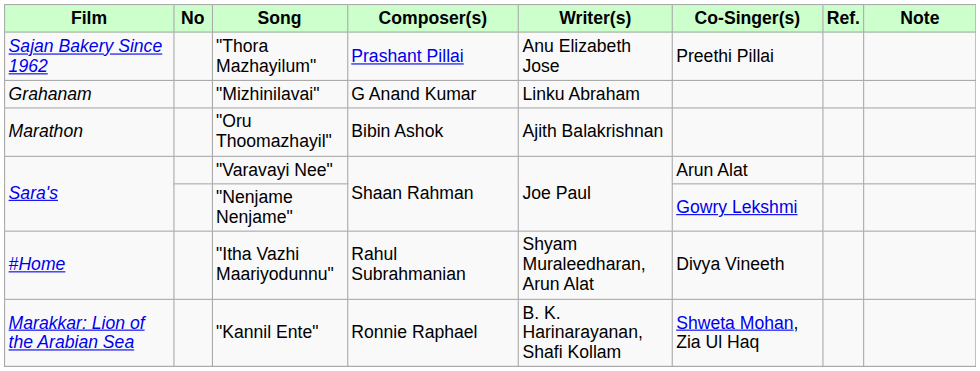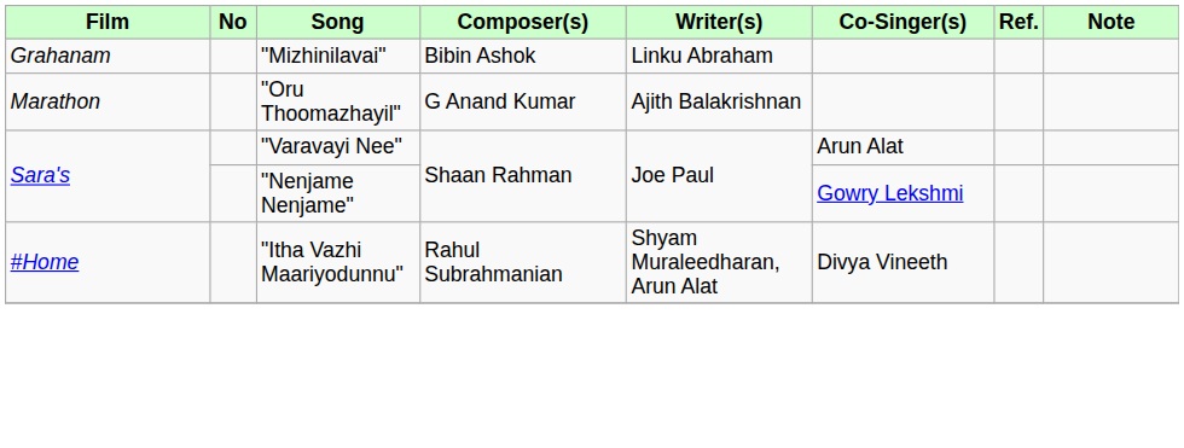 <table class="wikitable plainrowheaders" style="width:100%;" textcolor:#000;" style="align:center;">
 <tr style="background:#cfc; text-align:center;">
 <td scope="col" style="width:18%;"><strong>Film</strong></td>
 <td scope="col" style="width:4%;"><strong>No</strong></td>
 <td scope="col" style="width:14%;"><strong>Song</strong></td>
 <td scope="col" style="width:18%;"><strong>Composer(s)</strong></td>
 <td scope="col" style="width:16%;"><strong>Writer(s)</strong></td>
 <td scope="col" style="width:16%;"><strong>Co-Singer(s)</strong></td>
 <td scope="col" style="width:2%;"><strong>Ref.</strong></td>
 <td scope="col" style="width:12%;"><strong>Note</strong></td>
 </tr>
 <tr>
-<td><em><a href='#'>Sajan Bakery Since 1962</a></em></td>
-<td></td>
-<td>"Thora Mazhayilum"</td>
-<td><a href='#'>Prashant Pillai</a></td>
-<td>Anu Elizabeth Jose</td>
-<td>Preethi Pillai</td>
-<td></td>
-<td></td>
-</tr>
-<tr>
 <td><em>Grahanam</em></td>
 <td></td>
 <td>"Mizhinilavai"</td>
-<td>G Anand Kumar</td>
+<td>Bibin Ashok</td>
 <td>Linku Abraham</td>
 <td></td>
 <td></td>
 <td></td>
 </tr>
 <tr>
 <td><em>Marathon</em></td>
 <td></td>
 <td>"Oru Thoomazhayil"</td>
-<td>Bibin Ashok</td>
+<td>G Anand Kumar</td>
 <td>Ajith Balakrishnan</td>
 <td></td>
 <td></td>
 <td></td>
 </tr>
 <tr>
 <td rowspan="2"><em><a href='#'>Sara's</a></em></td>
 <td></td>
 <td>"Varavayi Nee"</td>
 <td rowspan="2">Shaan Rahman</td>
 <td rowspan="2">Joe Paul</td>
 <td>Arun Alat</td>
 <td></td>
 <td></td>
 </tr>
 <tr>
 <td></td>
 <td>"Nenjame Nenjame"</td>
 <td><a href='#'>Gowry Lekshmi</a></td>
 <td></td>
 <td></td>
 </tr>
 <tr>
 <td><em><a href='#'>#Home</a></em></td>
 <td></td>
 <td>"Itha Vazhi Maariyodunnu"</td>
 <td>Rahul Subrahmanian</td>
 <td>Shyam Muraleedharan, Arun Alat</td>
 <td>Divya Vineeth</td>
 <td></td>
 <td></td>
 </tr>
 <tr>
-<td><em><a href='#'>Marakkar: Lion of the Arabian Sea</a></em></td>
-<td></td>
-<td>"Kannil Ente"</td>
-<td>Ronnie Raphael</td>
-<td>B. K. Harinarayanan, Shafi Kollam</td>
-<td><a href='#'>Shweta Mohan</a>, Zia Ul Haq</td>
-<td></td>
-<td></td>
-</tr>
-<tr>
 </tr>
 </table>
